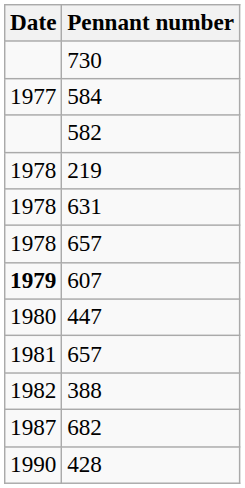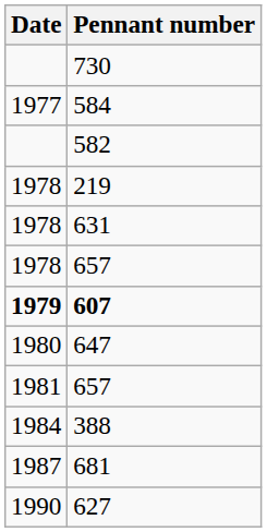 <table class="wikitable">
 <tr>
 <th>Date</th>
 <th>Pennant number</th>
 </tr>
 <tr>
 <td></td>
 <td>730</td>
 </tr>
 <tr>
 <td>1977</td>
 <td>584</td>
 </tr>
 <tr>
 <td></td>
 <td>582</td>
 </tr>
 <tr>
 <td>1978</td>
 <td>219</td>
 </tr>
 <tr>
 <td>1978</td>
 <td>631</td>
 </tr>
 <tr>
 <td>1978</td>
 <td>657</td>
 </tr>
 <tr>
 <td><strong>1979</strong></td>
-<td>607</td>
+<td><strong>607</strong></td>
 </tr>
 <tr>
 <td>1980</td>
-<td>447</td>
+<td>647</td>
 </tr>
 <tr>
 <td>1981</td>
 <td>657</td>
 </tr>
 <tr>
-<td>1982</td>
+<td>1984</td>
 <td>388</td>
 </tr>
 <tr>
 <td>1987</td>
-<td>682</td>
+<td>681</td>
 </tr>
 <tr>
 <td>1990</td>
-<td>428</td>
+<td>627</td>
 </tr>
 </table>
